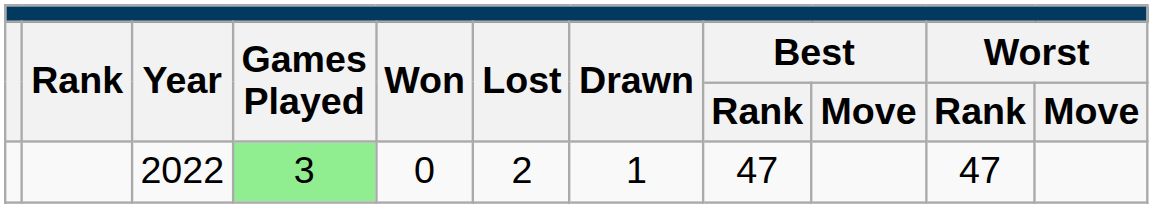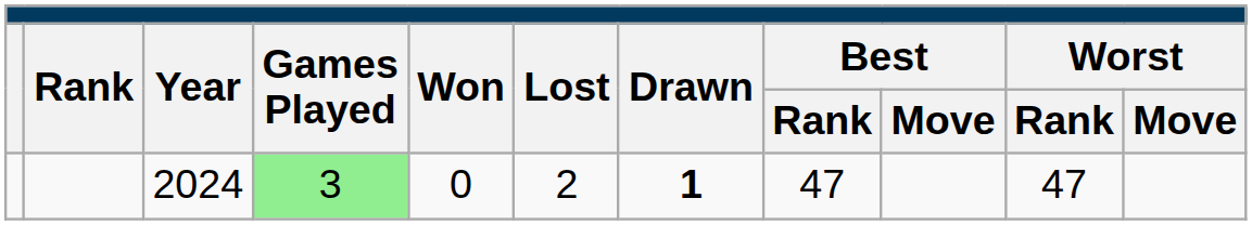 <table class="wikitable sortable" style="text-align:center;">
 <tr>
 <th colspan=12 style="background: #013A5E; color: #FFFFFF;"><a href='#'></a></th>
 </tr>
 <tr>
 <th rowspan=2></th>
 <th rowspan=2>Rank</th>
 <th rowspan=2>Year</th>
 <th rowspan=2>Games<br>Played</th>
 <th rowspan=2>Won</th>
 <th rowspan=2>Lost</th>
 <th rowspan=2>Drawn</th>
 <th colspan=2>Best</th>
 <th colspan=2>Worst</th>
 </tr>
 <tr>
 <th>Rank</th>
 <th>Move</th>
 <th>Rank</th>
 <th>Move</th>
 </tr>
 <tr>
 <td></td>
 <td></td>
-<td>2022</td>
+<td>2024</td>
 <td style="background: lightgreen;">3</td>
 <td>0</td>
 <td>2</td>
-<td>1</td>
+<td><strong>1</strong></td>
 <td>47</td>
 <td align-left></td>
 <td>47</td>
 <td align-left></td>
 </tr>
 </table>
